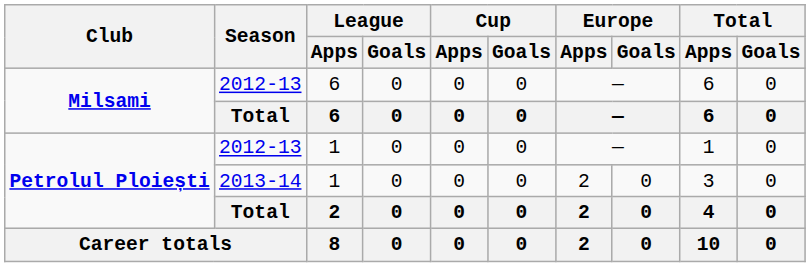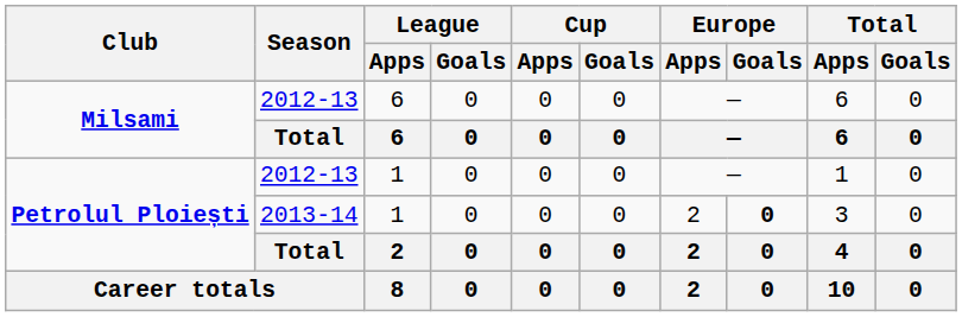 <table class="wikitable" style="text-align: center;">
 <tr>
 <th rowspan="2">Club</th>
 <th rowspan="2">Season</th>
 <th colspan="2">League</th>
 <th colspan="2">Cup</th>
 <th colspan="2">Europe</th>
 <th colspan="2">Total</th>
 </tr>
 <tr>
 <th>Apps</th>
 <th>Goals</th>
 <th>Apps</th>
 <th>Goals</th>
 <th>Apps</th>
 <th>Goals</th>
 <th>Apps</th>
 <th>Goals</th>
 </tr>
 <tr>
 <td rowspan="2" style="vertical-align:center;"><strong><a href='#'>Milsami</a></strong></td>
 <td><a href='#'>2012-13</a></td>
 <td>6</td>
 <td>0</td>
 <td>0</td>
 <td>0</td>
 <td colspan="2">—</td>
 <td>6</td>
 <td>0</td>
 </tr>
 <tr>
 <th>Total</th>
 <th>6</th>
 <th>0</th>
 <th>0</th>
 <th>0</th>
 <th colspan="2">—</th>
 <th>6</th>
 <th>0</th>
 </tr>
 <tr>
 <td rowspan="3" style="vertical-align:center;"><strong><a href='#'>Petrolul Ploiești</a></strong></td>
 <td><a href='#'>2012-13</a></td>
 <td>1</td>
 <td>0</td>
 <td>0</td>
 <td>0</td>
 <td colspan="2">—</td>
 <td>1</td>
 <td>0</td>
 </tr>
 <tr>
 <td><a href='#'>2013-14</a></td>
 <td>1</td>
 <td>0</td>
 <td>0</td>
 <td>0</td>
 <td>2</td>
-<td>0</td>
+<td><strong>0</strong></td>
 <td>3</td>
 <td>0</td>
 </tr>
 <tr>
 <th>Total</th>
 <th>2</th>
 <th>0</th>
 <th>0</th>
 <th>0</th>
 <th>2</th>
 <th>0</th>
 <th>4</th>
 <th>0</th>
 </tr>
 <tr>
 <th colspan="2">Career totals</th>
 <th>8</th>
 <th>0</th>
 <th>0</th>
 <th>0</th>
 <th>2</th>
 <th>0</th>
 <th>10</th>
 <th>0</th>
 </tr>
 </table>
